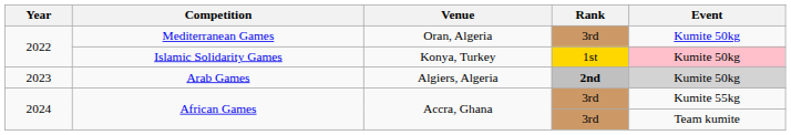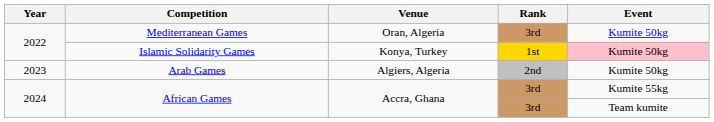 <table class="wikitable sortable" width=45% style="font-size:90%; text-align:center;">
 <tr>
 <th>Year</th>
 <th>Competition</th>
 <th>Venue</th>
 <th>Rank</th>
 <th>Event</th>
 </tr>
 <tr>
 <td rowspan=2>2022</td>
 <td><a href='#'>Mediterranean Games</a></td>
 <td>Oran, Algeria</td>
 <td bgcolor="cc9966">3rd</td>
 <td><a href='#'>Kumite 50kg</a></td>
 </tr>
 <tr>
 <td><a href='#'>Islamic Solidarity Games</a></td>
 <td>Konya, Turkey</td>
 <td bgcolor="gold">1st</td>
 <td style="background: pink;">Kumite 50kg</td>
 </tr>
 <tr>
 <td>2023</td>
 <td><a href='#'>Arab Games</a></td>
 <td>Algiers, Algeria</td>
-<td bgcolor="silver"><strong>2nd</strong></td>
-<td style="background: lightgrey;">Kumite 50kg</td>
+<td bgcolor="silver">2nd</td>
+<td>Kumite 50kg</td>
 </tr>
 <tr>
 <td rowspan=2>2024</td>
 <td rowspan=2><a href='#'>African Games</a></td>
 <td rowspan=2>Accra, Ghana</td>
 <td bgcolor="cc9966">3rd</td>
 <td>Kumite 55kg</td>
 </tr>
 <tr>
 <td bgcolor="cc9966">3rd</td>
 <td>Team kumite</td>
 </tr>
 </table>
